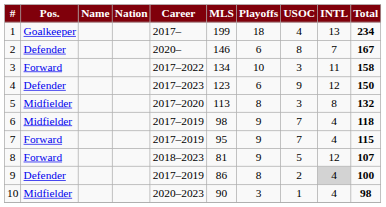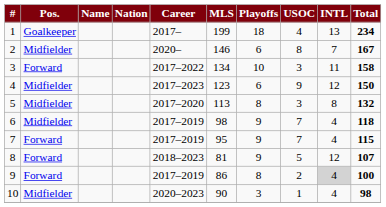 <table class="wikitable sortable" style="text-align:center;">
 <tr>
 <th style="background:#80000B; color:#FFFFFF;" scope="col">#</th>
 <th style="background:#80000B; color:#FFFFFF;" scope="col">Pos.</th>
 <th style="background:#80000B; color:#FFFFFF;" scope="col">Name</th>
 <th style="background:#80000B; color:#FFFFFF;" scope="col">Nation</th>
 <th style="background:#80000B; color:#FFFFFF;" scope="col">Career</th>
 <th style="background:#80000B; color:#FFFFFF;" scope="col">MLS</th>
 <th style="background:#80000B; color:#FFFFFF;" scope="col">Playoffs</th>
 <th style="background:#80000B; color:#FFFFFF;" scope="col">USOC</th>
 <th style="background:#80000B; color:#FFFFFF;" scope="col">INTL</th>
 <th style="background:#80000B; color:#FFFFFF;" scope="col">Total</th>
 </tr>
 <tr>
 <td>1</td>
 <td style="text-align:left;"><a href='#'>Goalkeeper</a></td>
 <td style="text-align:left;"><strong></strong></td>
 <td style="text-align:left;"></td>
 <td style="text-align:left;">2017–</td>
 <td>199</td>
 <td>18</td>
 <td>4</td>
 <td>13</td>
 <td><strong>234</strong></td>
 </tr>
 <tr>
 <td>2</td>
-<td style="text-align:left;"><a href='#'>Defender</a></td>
+<td style="text-align:left;"><a href='#'>Midfielder</a></td>
 <td style="text-align:left;"><strong></strong></td>
 <td style="text-align:left;"></td>
 <td style="text-align:left;">2020–</td>
 <td>146</td>
 <td>6</td>
 <td>8</td>
 <td>7</td>
 <td><strong>167</strong></td>
 </tr>
 <tr>
 <td>3</td>
 <td style="text-align:left;"><a href='#'>Forward</a></td>
 <td style="text-align:left;"></td>
 <td style="text-align:left;"></td>
 <td style="text-align:left;">2017–2022</td>
 <td>134</td>
 <td>10</td>
 <td>3</td>
 <td>11</td>
 <td><strong>158</strong></td>
 </tr>
 <tr>
 <td>4</td>
-<td style="text-align:left;"><a href='#'>Defender</a></td>
+<td style="text-align:left;"><a href='#'>Midfielder</a></td>
 <td style="text-align:left;"></td>
 <td style="text-align:left;"></td>
 <td style="text-align:left;">2017–2023</td>
 <td>123</td>
 <td>6</td>
 <td>9</td>
 <td>12</td>
 <td><strong>150</strong></td>
 </tr>
 <tr>
 <td>5</td>
 <td style="text-align:left;"><a href='#'>Midfielder</a></td>
 <td style="text-align:left;"></td>
 <td style="text-align:left;"></td>
 <td style="text-align:left;">2017–2020</td>
 <td>113</td>
 <td>8</td>
 <td>3</td>
 <td>8</td>
 <td><strong>132</strong></td>
 </tr>
 <tr>
 <td>6</td>
 <td style="text-align:left;"><a href='#'>Midfielder</a></td>
 <td style="text-align:left;"></td>
 <td style="text-align:left;"></td>
 <td style="text-align:left;">2017–2019</td>
 <td>98</td>
 <td>9</td>
 <td>7</td>
 <td>4</td>
 <td><strong>118</strong></td>
 </tr>
 <tr>
 <td>7</td>
 <td style="text-align:left;"><a href='#'>Forward</a></td>
 <td style="text-align:left;"></td>
 <td style="text-align:left;"></td>
 <td style="text-align:left;">2017–2019</td>
 <td>95</td>
 <td>9</td>
 <td>7</td>
 <td>4</td>
 <td><strong>115</strong></td>
 </tr>
 <tr>
 <td>8</td>
 <td style="text-align:left;"><a href='#'>Forward</a></td>
 <td style="text-align:left;"></td>
 <td style="text-align:left;"></td>
 <td style="text-align:left;">2018–2023</td>
 <td>81</td>
 <td>9</td>
 <td>5</td>
 <td>12</td>
 <td><strong>107</strong></td>
 </tr>
 <tr>
 <td>9</td>
-<td style="text-align:left;"><a href='#'>Defender</a></td>
+<td style="text-align:left;"><a href='#'>Forward</a></td>
 <td style="text-align:left;"></td>
 <td style="text-align:left;"></td>
 <td style="text-align:left;">2017–2019</td>
 <td>86</td>
 <td>8</td>
 <td>2</td>
 <td style="background: lightgrey;">4</td>
 <td><strong>100</strong></td>
 </tr>
 <tr>
 <td>10</td>
 <td style="text-align:left;"><a href='#'>Midfielder</a></td>
 <td style="text-align:left;"></td>
 <td style="text-align:left;"></td>
 <td style="text-align:left;">2020–2023</td>
 <td>90</td>
 <td>3</td>
 <td>1</td>
 <td>4</td>
 <td><strong>98</strong></td>
 </tr>
 <tr>
 </tr>
 </table>
